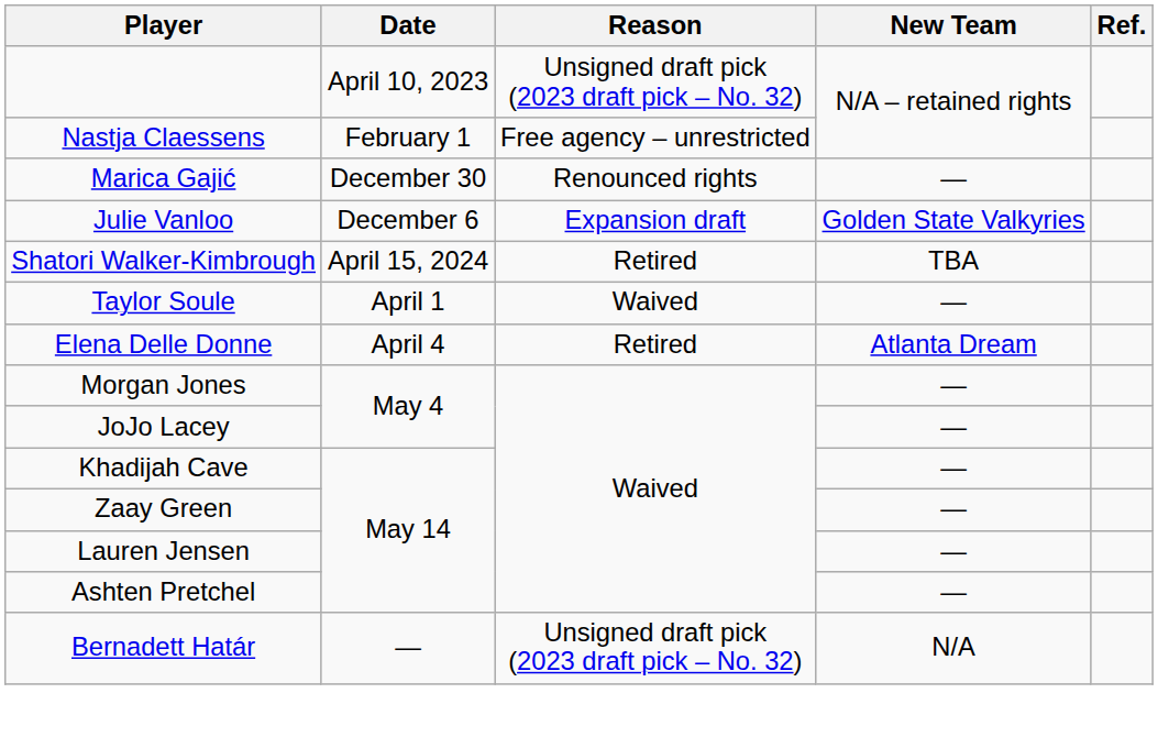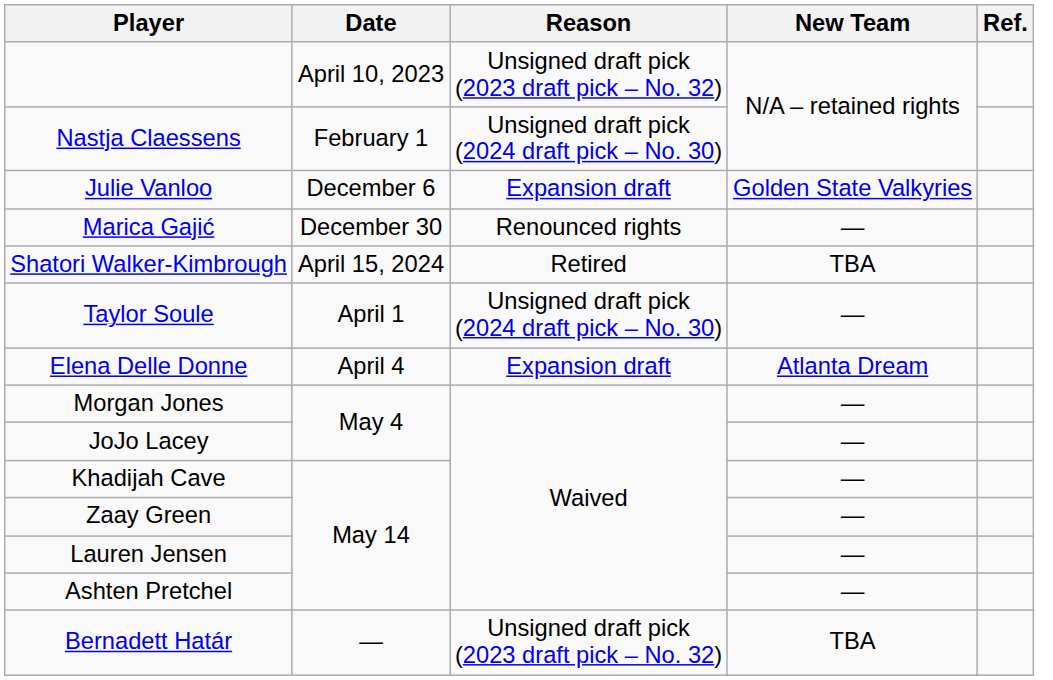 <table class="wikitable sortable sortable" style="text-align: center">
 <tr>
 <th>Player</th>
 <th>Date</th>
 <th>Reason</th>
 <th>New Team</th>
 <th>Ref.</th>
 </tr>
 <tr>
 <td></td>
 <td>April 10, 2023</td>
 <td>Unsigned draft pick<br>(<a href='#'>2023 draft pick – No. 32</a>)</td>
 <td rowspan=2>N/A – retained rights</td>
 <td></td>
 </tr>
 <tr>
 <td><a href='#'>Nastja Claessens</a></td>
 <td>February 1</td>
-<td>Free agency – unrestricted</td>
+<td>Unsigned draft pick<br>(<a href='#'>2024 draft pick – No. 30</a>)</td>
+<td></td>
+</tr>
+<tr>
+<td><a href='#'>Julie Vanloo</a></td>
+<td>December 6</td>
+<td><a href='#'>Expansion draft</a></td>
+<td><a href='#'>Golden State Valkyries</a></td>
 <td></td>
 </tr>
 <tr>
 <td><a href='#'>Marica Gajić</a></td>
 <td>December 30</td>
 <td>Renounced rights</td>
 <td>—</td>
-<td></td>
-</tr>
-<tr>
-<td><a href='#'>Julie Vanloo</a></td>
-<td>December 6</td>
-<td><a href='#'>Expansion draft</a></td>
-<td><a href='#'>Golden State Valkyries</a></td>
 <td></td>
 </tr>
 <tr>
 <td><a href='#'>Shatori Walker-Kimbrough</a></td>
 <td>April 15, 2024</td>
 <td>Retired</td>
 <td>TBA</td>
 <td></td>
 </tr>
 <tr>
 <td><a href='#'>Taylor Soule</a></td>
 <td>April 1</td>
-<td>Waived</td>
+<td>Unsigned draft pick<br>(<a href='#'>2024 draft pick – No. 30</a>)</td>
 <td>—</td>
 <td></td>
 </tr>
 <tr>
 <td><a href='#'>Elena Delle Donne</a></td>
 <td>April 4</td>
-<td>Retired</td>
+<td><a href='#'>Expansion draft</a></td>
 <td><a href='#'>Atlanta Dream</a></td>
 <td></td>
 </tr>
 <tr>
 <td>Morgan Jones</td>
 <td rowspan=2>May 4</td>
 <td rowspan="6">Waived</td>
 <td>—</td>
 <td></td>
 </tr>
 <tr>
 <td>JoJo Lacey</td>
 <td>—</td>
 <td></td>
 </tr>
 <tr>
 <td>Khadijah Cave</td>
 <td rowspan=4>May 14</td>
 <td>—</td>
 <td></td>
 </tr>
 <tr>
 <td>Zaay Green</td>
 <td>—</td>
 <td></td>
 </tr>
 <tr>
 <td>Lauren Jensen</td>
 <td>—</td>
 <td></td>
 </tr>
 <tr>
 <td>Ashten Pretchel</td>
 <td>—</td>
 <td></td>
 </tr>
 <tr>
 <td><a href='#'>Bernadett Határ</a></td>
 <td>—</td>
 <td>Unsigned draft pick<br>(<a href='#'>2023 draft pick – No. 32</a>)</td>
-<td>N/A</td>
+<td>TBA</td>
 <td></td>
 </tr>
 </table>
